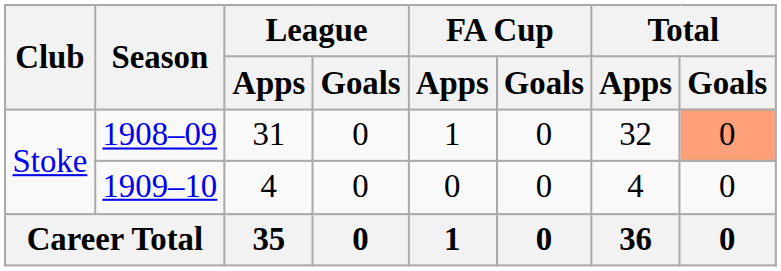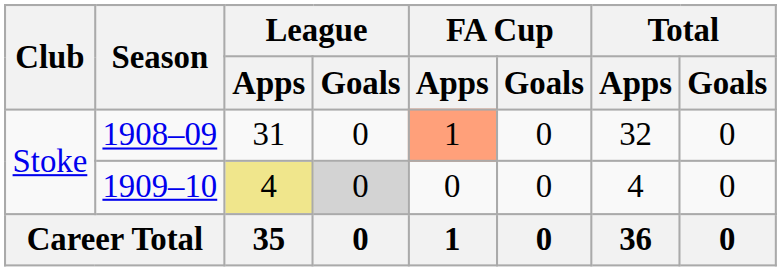 <table class="wikitable" style="text-align: center;">
 <tr>
 <th rowspan="2">Club</th>
 <th rowspan="2">Season</th>
 <th colspan="2">League</th>
 <th colspan="2">FA Cup</th>
 <th colspan="2">Total</th>
 </tr>
 <tr>
 <th>Apps</th>
 <th>Goals</th>
 <th>Apps</th>
 <th>Goals</th>
 <th>Apps</th>
 <th>Goals</th>
 </tr>
 <tr>
 <td rowspan="2"><a href='#'>Stoke</a></td>
 <td><a href='#'>1908–09</a></td>
 <td>31</td>
 <td>0</td>
-<td>1</td>
+<td style="background: lightsalmon;">1</td>
 <td>0</td>
 <td>32</td>
-<td style="background: lightsalmon;">0</td>
+<td>0</td>
 </tr>
 <tr>
 <td><a href='#'>1909–10</a></td>
-<td>4</td>
-<td>0</td>
+<td style="background: khaki;">4</td>
+<td style="background: lightgrey;">0</td>
 <td>0</td>
 <td>0</td>
 <td>4</td>
 <td>0</td>
 </tr>
 <tr>
 <th colspan="2">Career Total</th>
 <th>35</th>
 <th>0</th>
 <th>1</th>
 <th>0</th>
 <th>36</th>
 <th>0</th>
 </tr>
 </table>
